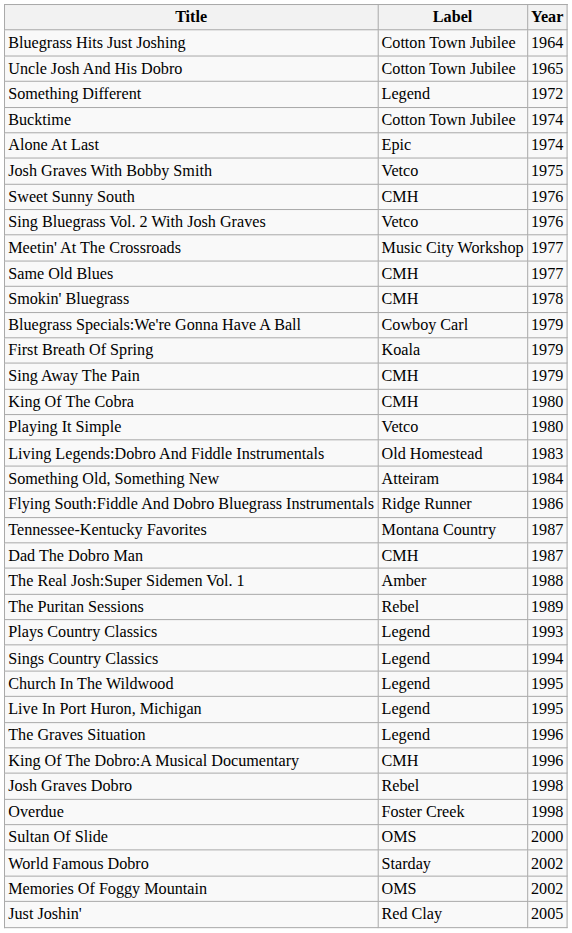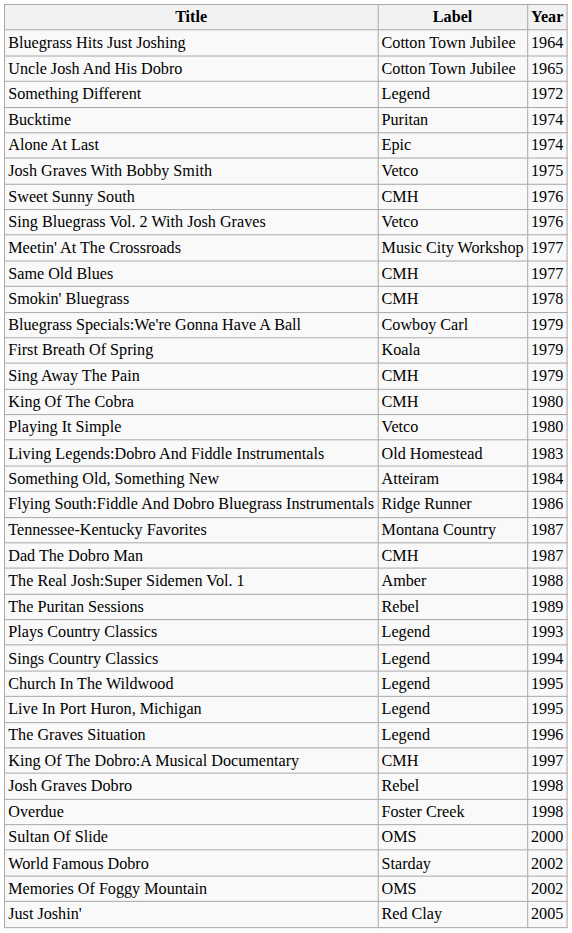 <table class="wikitable">
 <tr style="text-align:center; background:#f0f0f0;">
 </tr>
 <tr>
 <th>Title</th>
 <th>Label</th>
 <th>Year</th>
 </tr>
 <tr>
 <td>Bluegrass Hits Just Joshing</td>
 <td>Cotton Town Jubilee</td>
 <td>1964</td>
 </tr>
 <tr>
 <td>Uncle Josh And His Dobro</td>
 <td>Cotton Town Jubilee</td>
 <td>1965</td>
 </tr>
 <tr>
 <td>Something Different</td>
 <td>Legend</td>
 <td>1972</td>
 </tr>
 <tr>
 <td>Bucktime</td>
-<td>Cotton Town Jubilee</td>
+<td>Puritan</td>
 <td>1974</td>
 </tr>
 <tr>
 <td>Alone At Last</td>
 <td>Epic</td>
 <td>1974</td>
 </tr>
 <tr>
 <td>Josh Graves With Bobby Smith</td>
 <td>Vetco</td>
 <td>1975</td>
 </tr>
 <tr>
 <td>Sweet Sunny South</td>
 <td>CMH</td>
 <td>1976</td>
 </tr>
 <tr>
 <td>Sing Bluegrass Vol. 2 With Josh Graves</td>
 <td>Vetco</td>
 <td>1976</td>
 </tr>
 <tr>
 <td>Meetin' At The Crossroads</td>
 <td>Music City Workshop</td>
 <td>1977</td>
 </tr>
 <tr>
 <td>Same Old Blues</td>
 <td>CMH</td>
 <td>1977</td>
 </tr>
 <tr>
 <td>Smokin' Bluegrass</td>
 <td>CMH</td>
 <td>1978</td>
 </tr>
 <tr>
 <td>Bluegrass Specials:We're Gonna Have A Ball</td>
 <td>Cowboy Carl</td>
 <td>1979</td>
 </tr>
 <tr>
 <td>First Breath Of Spring</td>
 <td>Koala</td>
 <td>1979</td>
 </tr>
 <tr>
 <td>Sing Away The Pain</td>
 <td>CMH</td>
 <td>1979</td>
 </tr>
 <tr>
 <td>King Of The Cobra</td>
 <td>CMH</td>
 <td>1980</td>
 </tr>
 <tr>
 <td>Playing It Simple</td>
 <td>Vetco</td>
 <td>1980</td>
 </tr>
 <tr>
 <td>Living Legends:Dobro And Fiddle Instrumentals</td>
 <td>Old Homestead</td>
 <td>1983</td>
 </tr>
 <tr>
 <td>Something Old, Something New</td>
 <td>Atteiram</td>
 <td>1984</td>
 </tr>
 <tr>
 <td>Flying South:Fiddle And Dobro Bluegrass Instrumentals</td>
 <td>Ridge Runner</td>
 <td>1986</td>
 </tr>
 <tr>
 <td>Tennessee-Kentucky Favorites</td>
 <td>Montana Country</td>
 <td>1987</td>
 </tr>
 <tr>
 <td>Dad The Dobro Man</td>
 <td>CMH</td>
 <td>1987</td>
 </tr>
 <tr>
 <td>The Real Josh:Super Sidemen Vol. 1</td>
 <td>Amber</td>
 <td>1988</td>
 </tr>
 <tr>
 <td>The Puritan Sessions</td>
 <td>Rebel</td>
 <td>1989</td>
 </tr>
 <tr>
 <td>Plays Country Classics</td>
 <td>Legend</td>
 <td>1993</td>
 </tr>
 <tr>
 <td>Sings Country Classics</td>
 <td>Legend</td>
 <td>1994</td>
 </tr>
 <tr>
 <td>Church In The Wildwood</td>
 <td>Legend</td>
 <td>1995</td>
 </tr>
 <tr>
 <td>Live In Port Huron, Michigan</td>
 <td>Legend</td>
 <td>1995</td>
 </tr>
 <tr>
 <td>The Graves Situation</td>
 <td>Legend</td>
 <td>1996</td>
 </tr>
 <tr>
 <td>King Of The Dobro:A Musical Documentary</td>
 <td>CMH</td>
-<td>1996</td>
+<td>1997</td>
 </tr>
 <tr>
 <td>Josh Graves Dobro</td>
 <td>Rebel</td>
 <td>1998</td>
 </tr>
 <tr>
 <td>Overdue</td>
 <td>Foster Creek</td>
 <td>1998</td>
 </tr>
 <tr>
 <td>Sultan Of Slide</td>
 <td>OMS</td>
 <td>2000</td>
 </tr>
 <tr>
 <td>World Famous Dobro</td>
 <td>Starday</td>
 <td>2002</td>
 </tr>
 <tr>
 <td>Memories Of Foggy Mountain</td>
 <td>OMS</td>
 <td>2002</td>
 </tr>
 <tr>
 <td>Just Joshin'</td>
 <td>Red Clay</td>
 <td>2005</td>
 </tr>
 </table>
